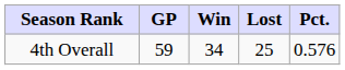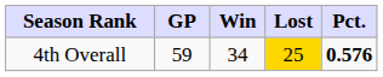 <table class="wikitable" border="1">
 <tr>
 <th style="background:#DDDDFF;" width="40%"><strong> Season Rank </strong></th>
 <th style="background:#DDDDFF;" width="15%"><strong> GP </strong></th>
 <th style="background:#DDDDFF;" width="15%"><strong> Win</strong></th>
 <th style="background:#DDDDFF;" width="15%"><strong> Lost </strong></th>
 <th style="background:#DDDDFF;" width="15%"><strong> Pct.</strong></th>
 </tr>
 <tr>
 <td align=center>4th Overall</td>
 <td align=center>59</td>
 <td align=center>34</td>
-<td align=center>25</td>
-<td align=center>0.576</td>
+<td align=center style="background: gold;">25</td>
+<td align=center><strong>0.576</strong></td>
 </tr>
 </table>
